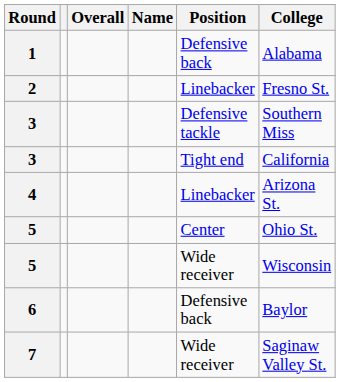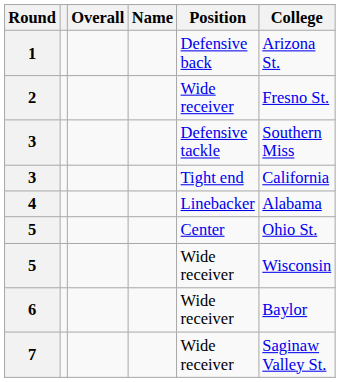 <table class="wikitable sortable" style="width: 50%;">
 <tr>
 <th scope="col" style="width: 10%;">Round</th>
 <th scope="col" style="width: 10%;"></th>
 <th scope="col" style="width: 10%;">Overall</th>
 <th scope="col" style="width: 25%;">Name</th>
 <th scope="col" style="width: 20%;">Position</th>
 <th scope="col" style="width: 25%;">College</th>
 </tr>
 <tr>
 <th scope="row">1</th>
 <td></td>
 <td></td>
 <td></td>
 <td><a href='#'>Defensive back</a></td>
-<td><a href='#'>Alabama</a></td>
+<td><a href='#'>Arizona St.</a></td>
 </tr>
 <tr>
 <th scope="row">2</th>
 <td></td>
 <td></td>
 <td></td>
-<td><a href='#'>Linebacker</a></td>
+<td><a href='#'>Wide receiver</a></td>
 <td><a href='#'>Fresno St.</a></td>
 </tr>
 <tr>
 <th scope="row">3</th>
 <td></td>
 <td></td>
 <td></td>
 <td><a href='#'>Defensive tackle</a></td>
 <td><a href='#'>Southern Miss</a></td>
 </tr>
 <tr>
 <th scope="row">3</th>
 <td></td>
 <td></td>
 <td></td>
 <td><a href='#'>Tight end</a></td>
 <td><a href='#'>California</a></td>
 </tr>
 <tr>
 <th scope="row">4</th>
 <td></td>
 <td></td>
 <td></td>
 <td><a href='#'>Linebacker</a></td>
-<td><a href='#'>Arizona St.</a></td>
+<td><a href='#'>Alabama</a></td>
 </tr>
 <tr>
 <th scope="row">5</th>
 <td></td>
 <td></td>
 <td></td>
 <td><a href='#'>Center</a></td>
 <td><a href='#'>Ohio St.</a></td>
 </tr>
 <tr>
 <th scope="row">5</th>
 <td></td>
 <td></td>
 <td></td>
 <td>Wide receiver</td>
 <td><a href='#'>Wisconsin</a></td>
 </tr>
 <tr>
 <th scope="row">6</th>
 <td></td>
 <td></td>
 <td></td>
-<td>Defensive back</td>
+<td>Wide receiver</td>
 <td><a href='#'>Baylor</a></td>
 </tr>
 <tr>
 <th scope="row">7</th>
 <td></td>
 <td></td>
 <td></td>
 <td>Wide receiver</td>
 <td><a href='#'>Saginaw Valley St.</a></td>
 </tr>
 </table>
